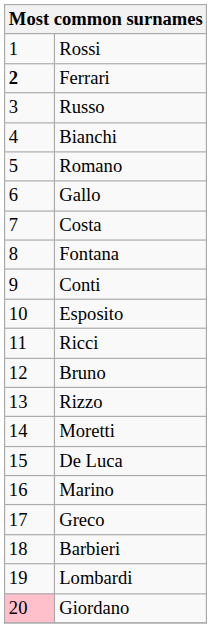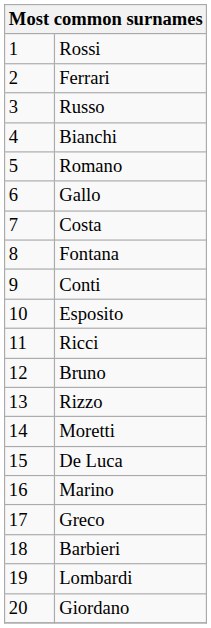 <table role="presentation" class="wikitable mw-collapsible">
 <tr>
 <th colspan=2>Most common surnames</th>
 </tr>
 <tr>
 <td>1</td>
 <td>Rossi</td>
 </tr>
 <tr>
-<td><strong>2</strong></td>
+<td>2</td>
 <td>Ferrari</td>
 </tr>
 <tr>
 <td>3</td>
 <td>Russo</td>
 </tr>
 <tr>
 <td>4</td>
 <td>Bianchi</td>
 </tr>
 <tr>
 <td>5</td>
 <td>Romano</td>
 </tr>
 <tr>
 <td>6</td>
 <td>Gallo</td>
 </tr>
 <tr>
 <td>7</td>
 <td>Costa</td>
 </tr>
 <tr>
 <td>8</td>
 <td>Fontana</td>
 </tr>
 <tr>
 <td>9</td>
 <td>Conti</td>
 </tr>
 <tr>
 <td>10</td>
 <td>Esposito</td>
 </tr>
 <tr>
 <td>11</td>
 <td>Ricci</td>
 </tr>
 <tr>
 <td>12</td>
 <td>Bruno</td>
 </tr>
 <tr>
 <td>13</td>
 <td>Rizzo</td>
 </tr>
 <tr>
 <td>14</td>
 <td>Moretti</td>
 </tr>
 <tr>
 <td>15</td>
 <td>De Luca</td>
 </tr>
 <tr>
 <td>16</td>
 <td>Marino</td>
 </tr>
 <tr>
 <td>17</td>
 <td>Greco</td>
 </tr>
 <tr>
 <td>18</td>
 <td>Barbieri</td>
 </tr>
 <tr>
 <td>19</td>
 <td>Lombardi</td>
 </tr>
 <tr>
-<td style="background: pink;">20</td>
+<td>20</td>
 <td>Giordano</td>
 </tr>
 <tr>
 </tr>
 </table>
